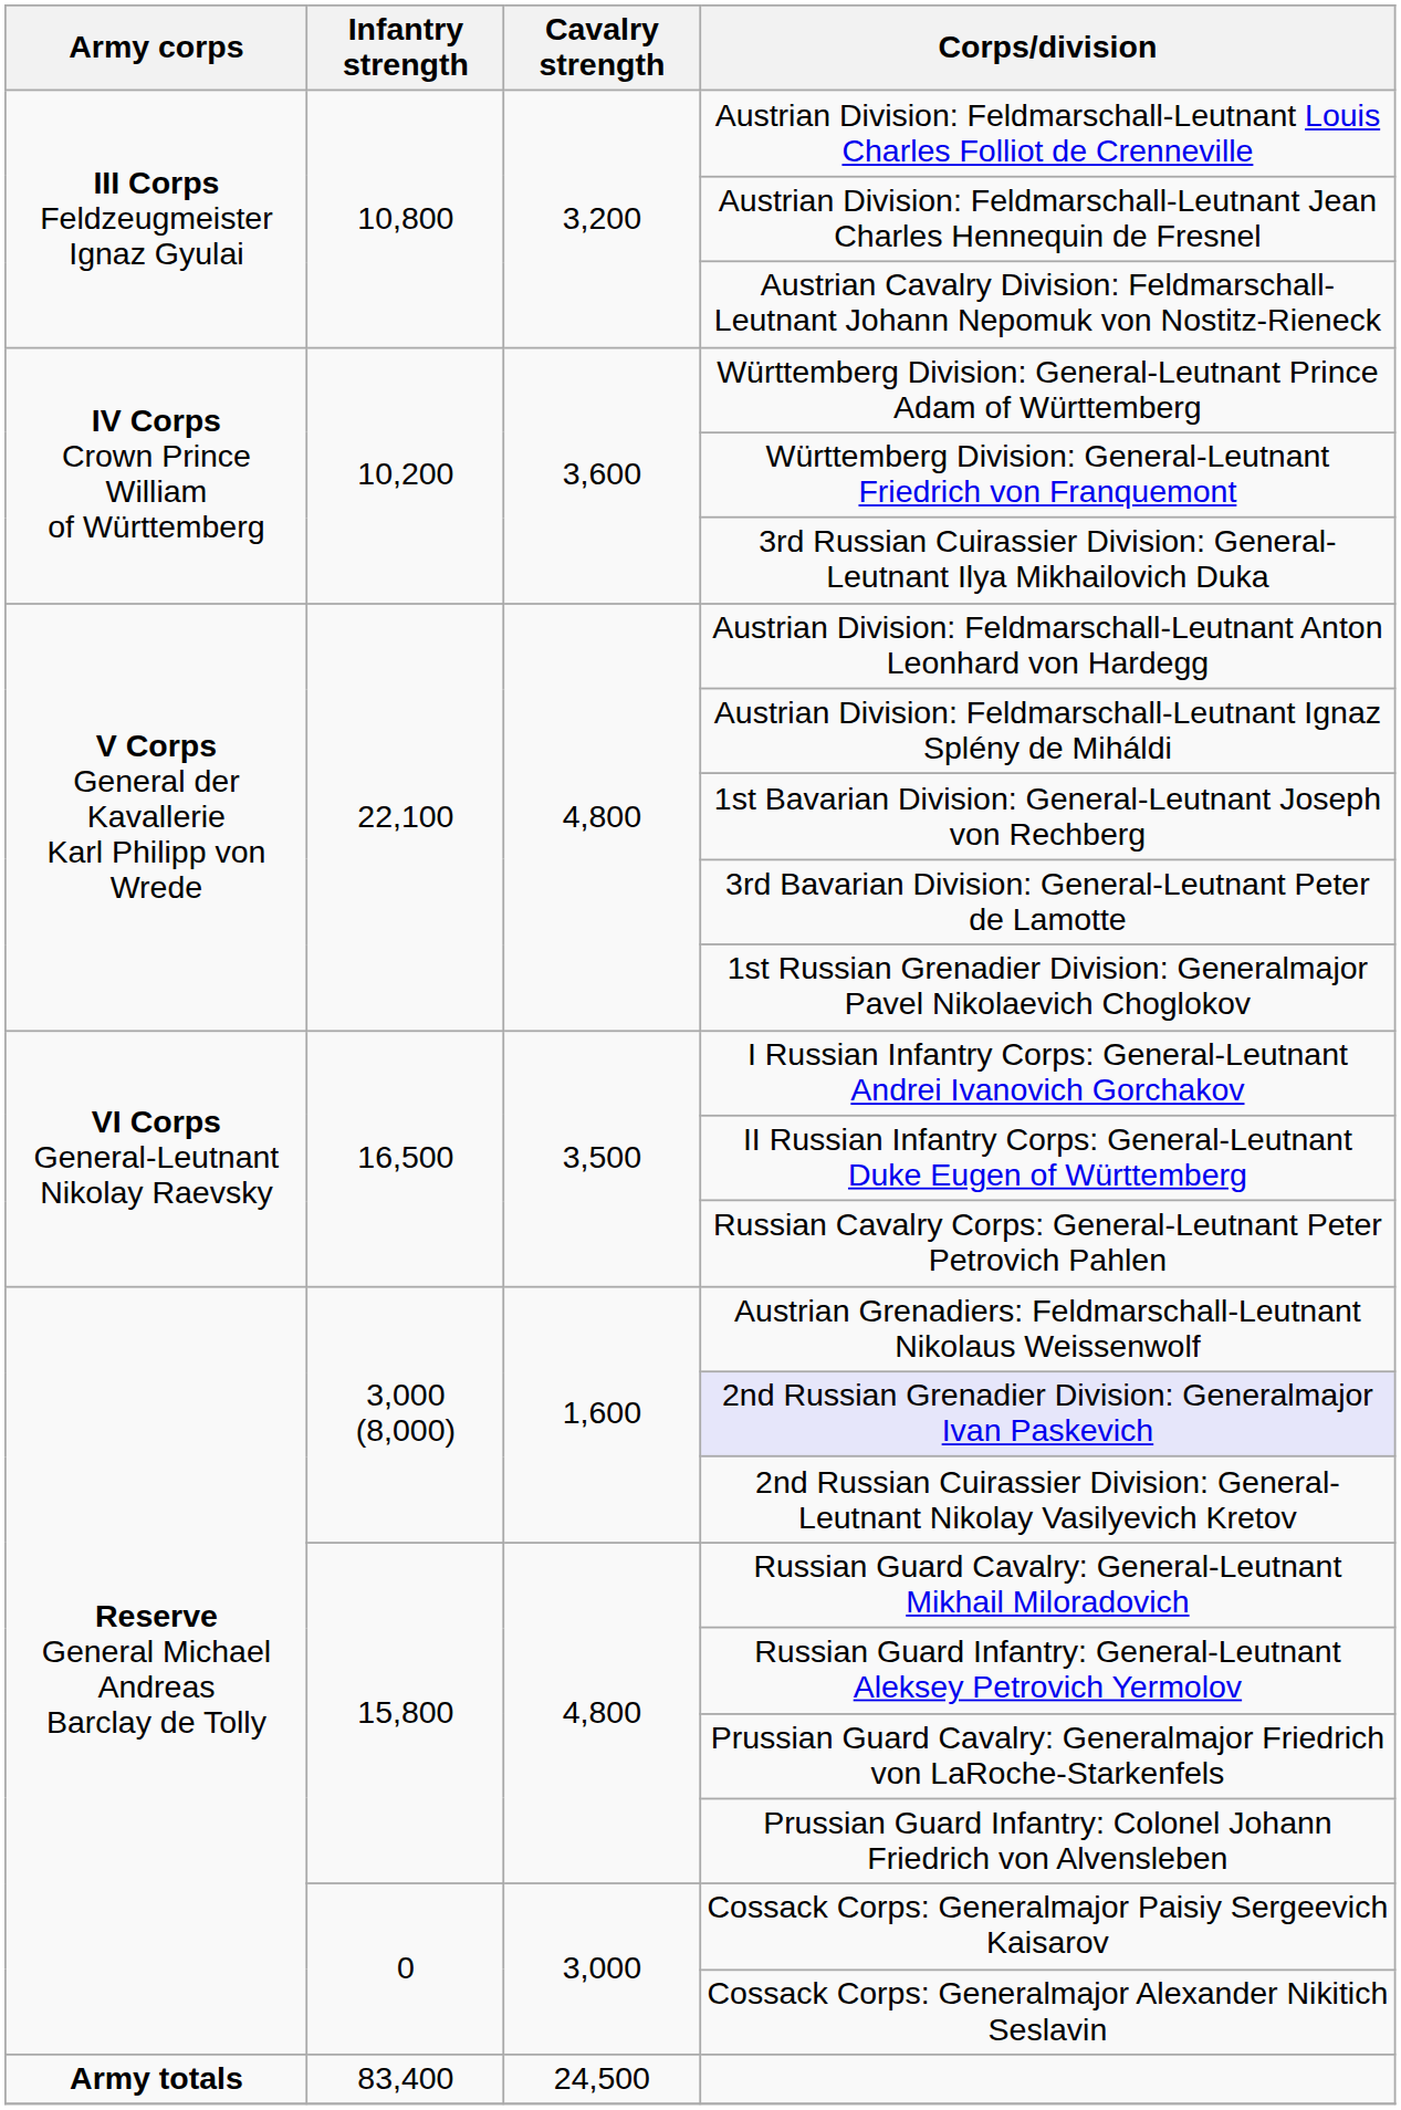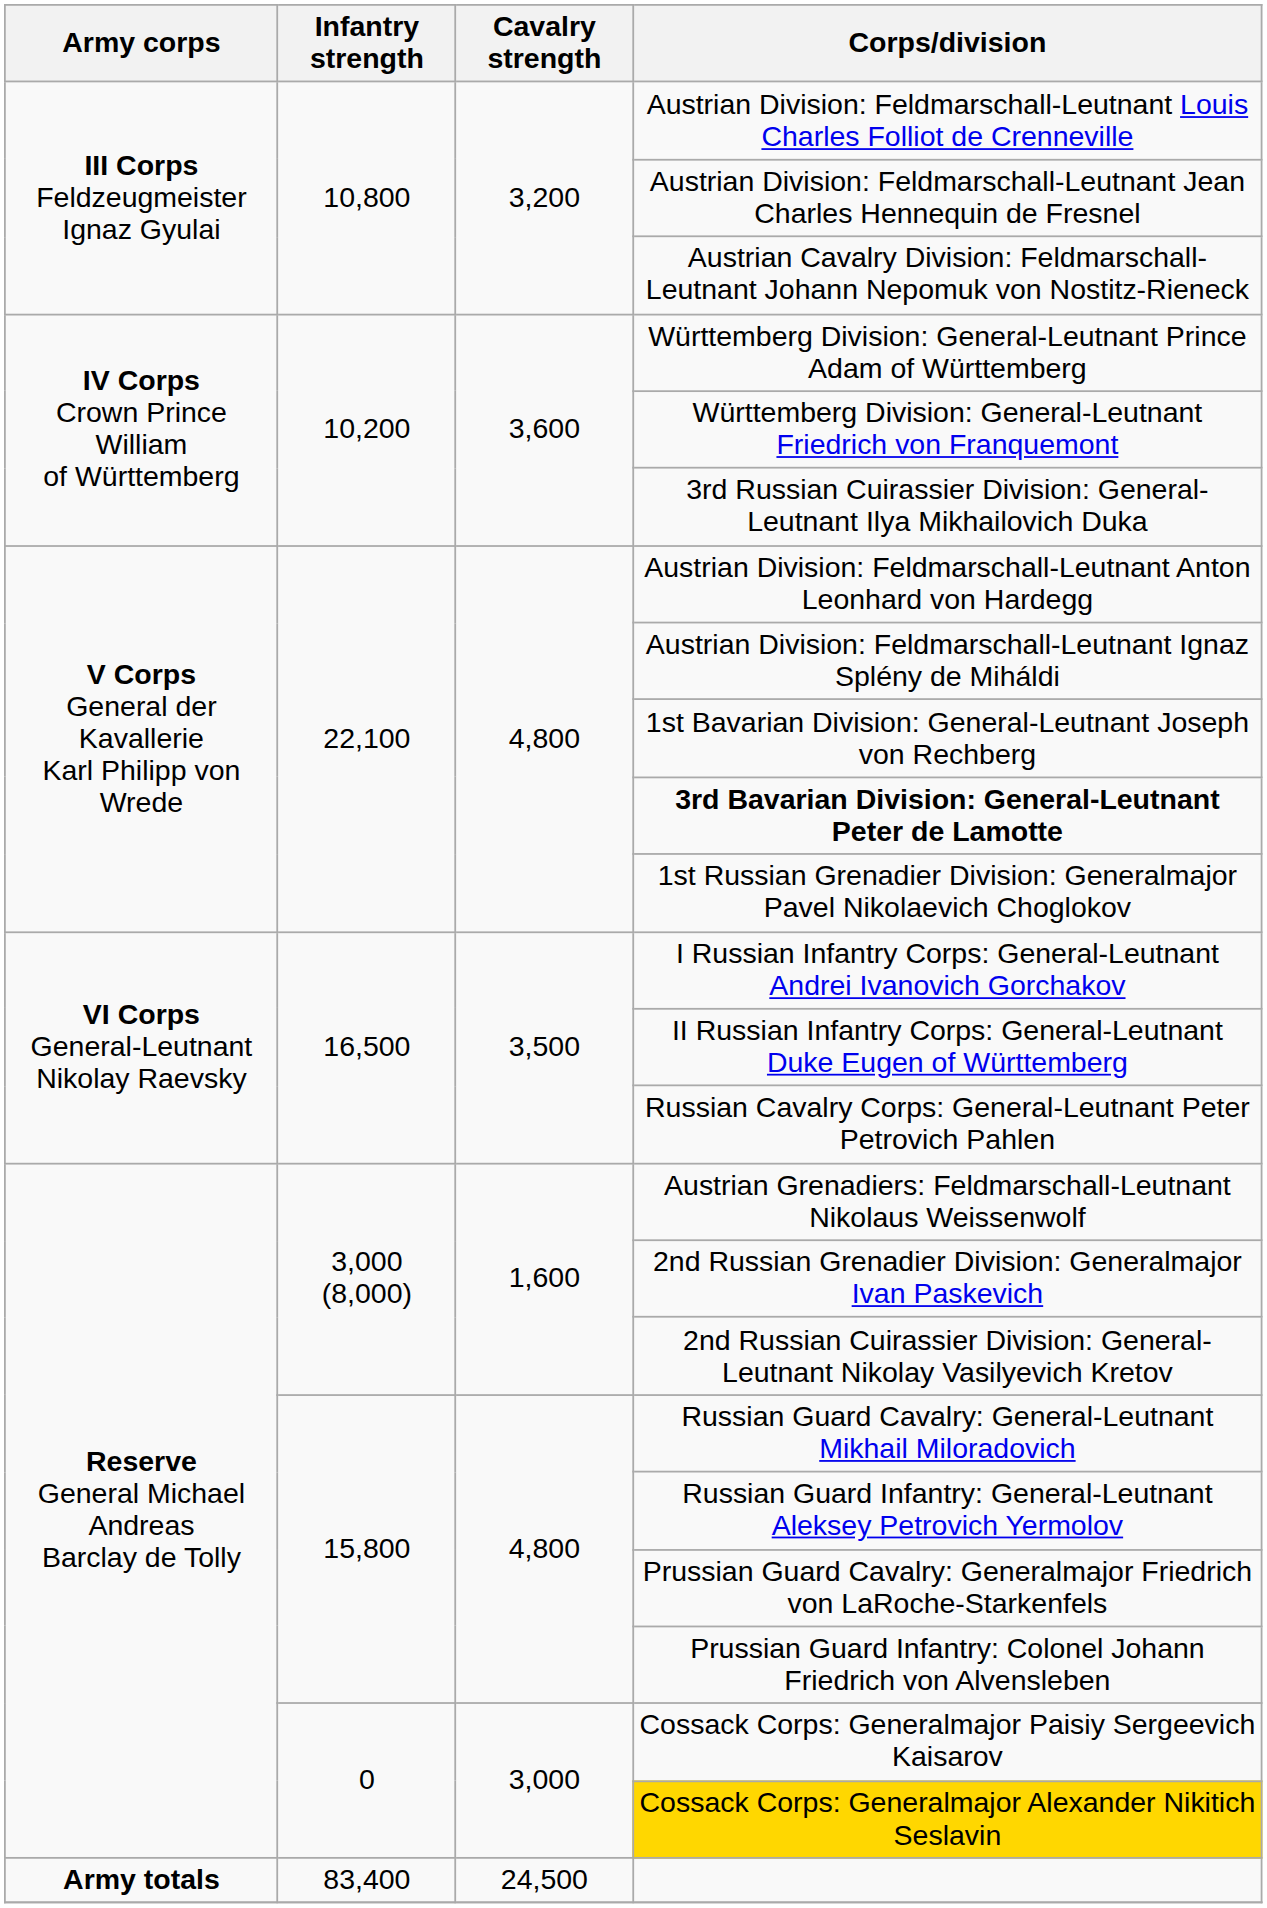 <table class="wikitable" style="text-align:center; width:80%;">
 <tr>
 <th>Army corps</th>
 <th>Infantry strength</th>
 <th>Cavalry strength</th>
 <th>Corps/division</th>
 </tr>
 <tr>
 <td ROWSPAN=3><strong>III Corps</strong><br>Feldzeugmeister<br>Ignaz Gyulai</td>
 <td ROWSPAN=3>10,800</td>
 <td ROWSPAN=3>3,200</td>
 <td>Austrian Division: Feldmarschall-Leutnant <a href='#'>Louis Charles Folliot de Crenneville</a></td>
 </tr>
 <tr>
 <td>Austrian Division: Feldmarschall-Leutnant Jean Charles Hennequin de Fresnel</td>
 </tr>
 <tr>
 <td>Austrian Cavalry Division: Feldmarschall-Leutnant Johann Nepomuk von Nostitz-Rieneck</td>
 </tr>
 <tr>
 <td ROWSPAN=3><strong>IV Corps</strong><br>Crown Prince William<br>of Württemberg</td>
 <td ROWSPAN=3>10,200</td>
 <td ROWSPAN=3>3,600</td>
 <td>Württemberg Division: General-Leutnant Prince Adam of Württemberg</td>
 </tr>
 <tr>
 <td>Württemberg Division: General-Leutnant <a href='#'>Friedrich von Franquemont</a></td>
 </tr>
 <tr>
 <td>3rd Russian Cuirassier Division: General-Leutnant Ilya Mikhailovich Duka</td>
 </tr>
 <tr>
 <td ROWSPAN=5><strong>V Corps</strong><br>General der Kavallerie<br>Karl Philipp von Wrede</td>
 <td ROWSPAN=5>22,100</td>
 <td ROWSPAN=5>4,800</td>
 <td>Austrian Division: Feldmarschall-Leutnant Anton Leonhard von Hardegg</td>
 </tr>
 <tr>
 <td>Austrian Division: Feldmarschall-Leutnant Ignaz Splény de Miháldi</td>
 </tr>
 <tr>
 <td>1st Bavarian Division: General-Leutnant Joseph von Rechberg</td>
 </tr>
 <tr>
-<td>3rd Bavarian Division: General-Leutnant Peter de Lamotte</td>
+<td><strong>3rd Bavarian Division: General-Leutnant Peter de Lamotte</strong></td>
 </tr>
 <tr>
 <td>1st Russian Grenadier Division: Generalmajor Pavel Nikolaevich Choglokov</td>
 </tr>
 <tr>
 <td ROWSPAN=3><strong>VI Corps</strong><br>General-Leutnant<br>Nikolay Raevsky</td>
 <td ROWSPAN=3>16,500</td>
 <td ROWSPAN=3>3,500</td>
 <td>I Russian Infantry Corps: General-Leutnant <a href='#'>Andrei Ivanovich Gorchakov</a></td>
 </tr>
 <tr>
 <td>II Russian Infantry Corps: General-Leutnant <a href='#'>Duke Eugen of Württemberg</a></td>
 </tr>
 <tr>
 <td>Russian Cavalry Corps: General-Leutnant Peter Petrovich Pahlen</td>
 </tr>
 <tr>
 <td ROWSPAN=9><strong>Reserve</strong><br>General Michael Andreas<br>Barclay de Tolly</td>
 <td ROWSPAN=3>3,000 (8,000)</td>
 <td ROWSPAN=3>1,600</td>
 <td>Austrian Grenadiers: Feldmarschall-Leutnant Nikolaus Weissenwolf</td>
 </tr>
 <tr>
-<td style="background: lavender;">2nd Russian Grenadier Division: Generalmajor <a href='#'>Ivan Paskevich</a></td>
+<td>2nd Russian Grenadier Division: Generalmajor <a href='#'>Ivan Paskevich</a></td>
 </tr>
 <tr>
 <td>2nd Russian Cuirassier Division: General-Leutnant Nikolay Vasilyevich Kretov</td>
 </tr>
 <tr>
 <td ROWSPAN=4>15,800</td>
 <td ROWSPAN=4>4,800</td>
 <td>Russian Guard Cavalry: General-Leutnant <a href='#'>Mikhail Miloradovich</a></td>
 </tr>
 <tr>
 <td>Russian Guard Infantry: General-Leutnant <a href='#'>Aleksey Petrovich Yermolov</a></td>
 </tr>
 <tr>
 <td>Prussian Guard Cavalry: Generalmajor Friedrich von LaRoche-Starkenfels</td>
 </tr>
 <tr>
 <td>Prussian Guard Infantry: Colonel Johann Friedrich von Alvensleben</td>
 </tr>
 <tr>
 <td ROWSPAN=2>0</td>
 <td ROWSPAN=2>3,000</td>
 <td>Cossack Corps: Generalmajor Paisiy Sergeevich Kaisarov</td>
 </tr>
 <tr>
-<td>Cossack Corps: Generalmajor Alexander Nikitich Seslavin</td>
+<td style="background: gold;">Cossack Corps: Generalmajor Alexander Nikitich Seslavin</td>
 </tr>
 <tr>
 <td ROWSPAN=1><strong>Army totals</strong></td>
 <td ROWSPAN=1>83,400</td>
 <td ROWSPAN=1>24,500</td>
 <td></td>
 </tr>
 <tr>
 </tr>
 </table>
